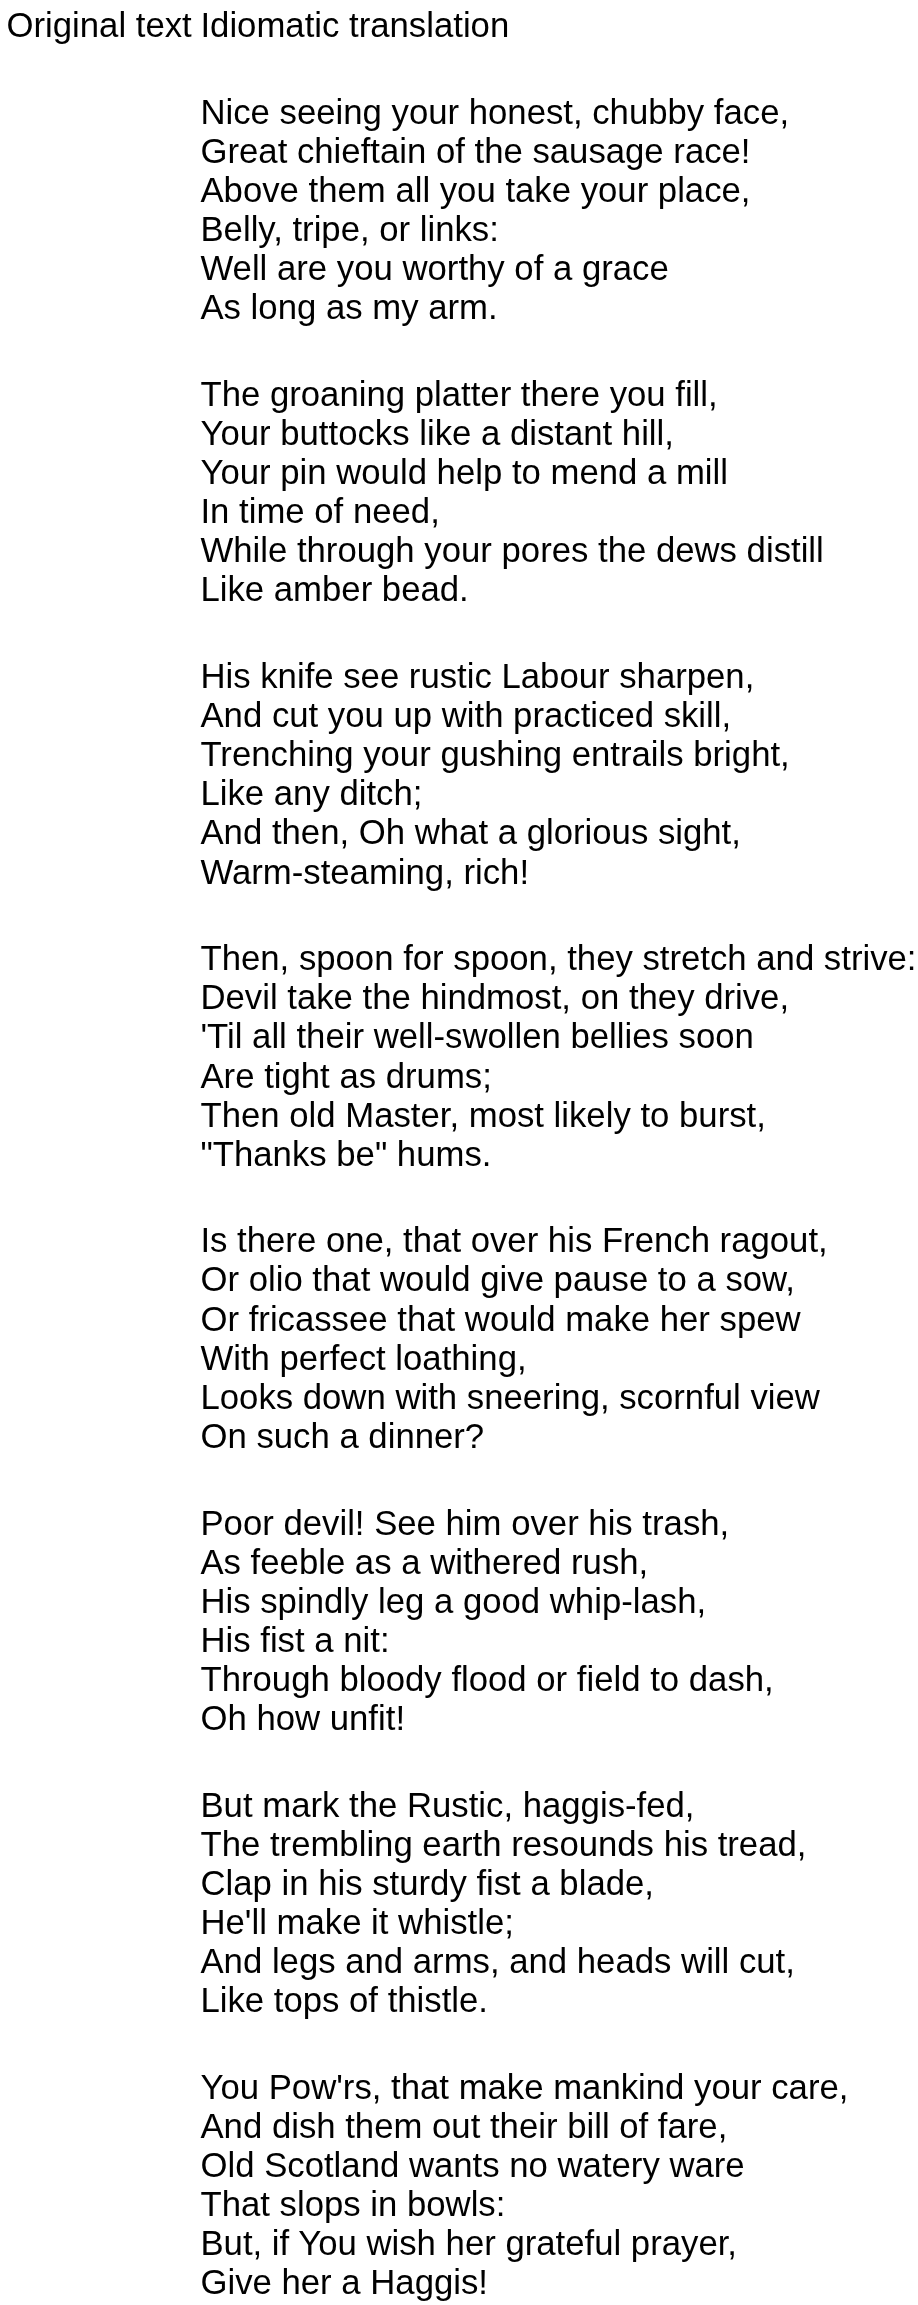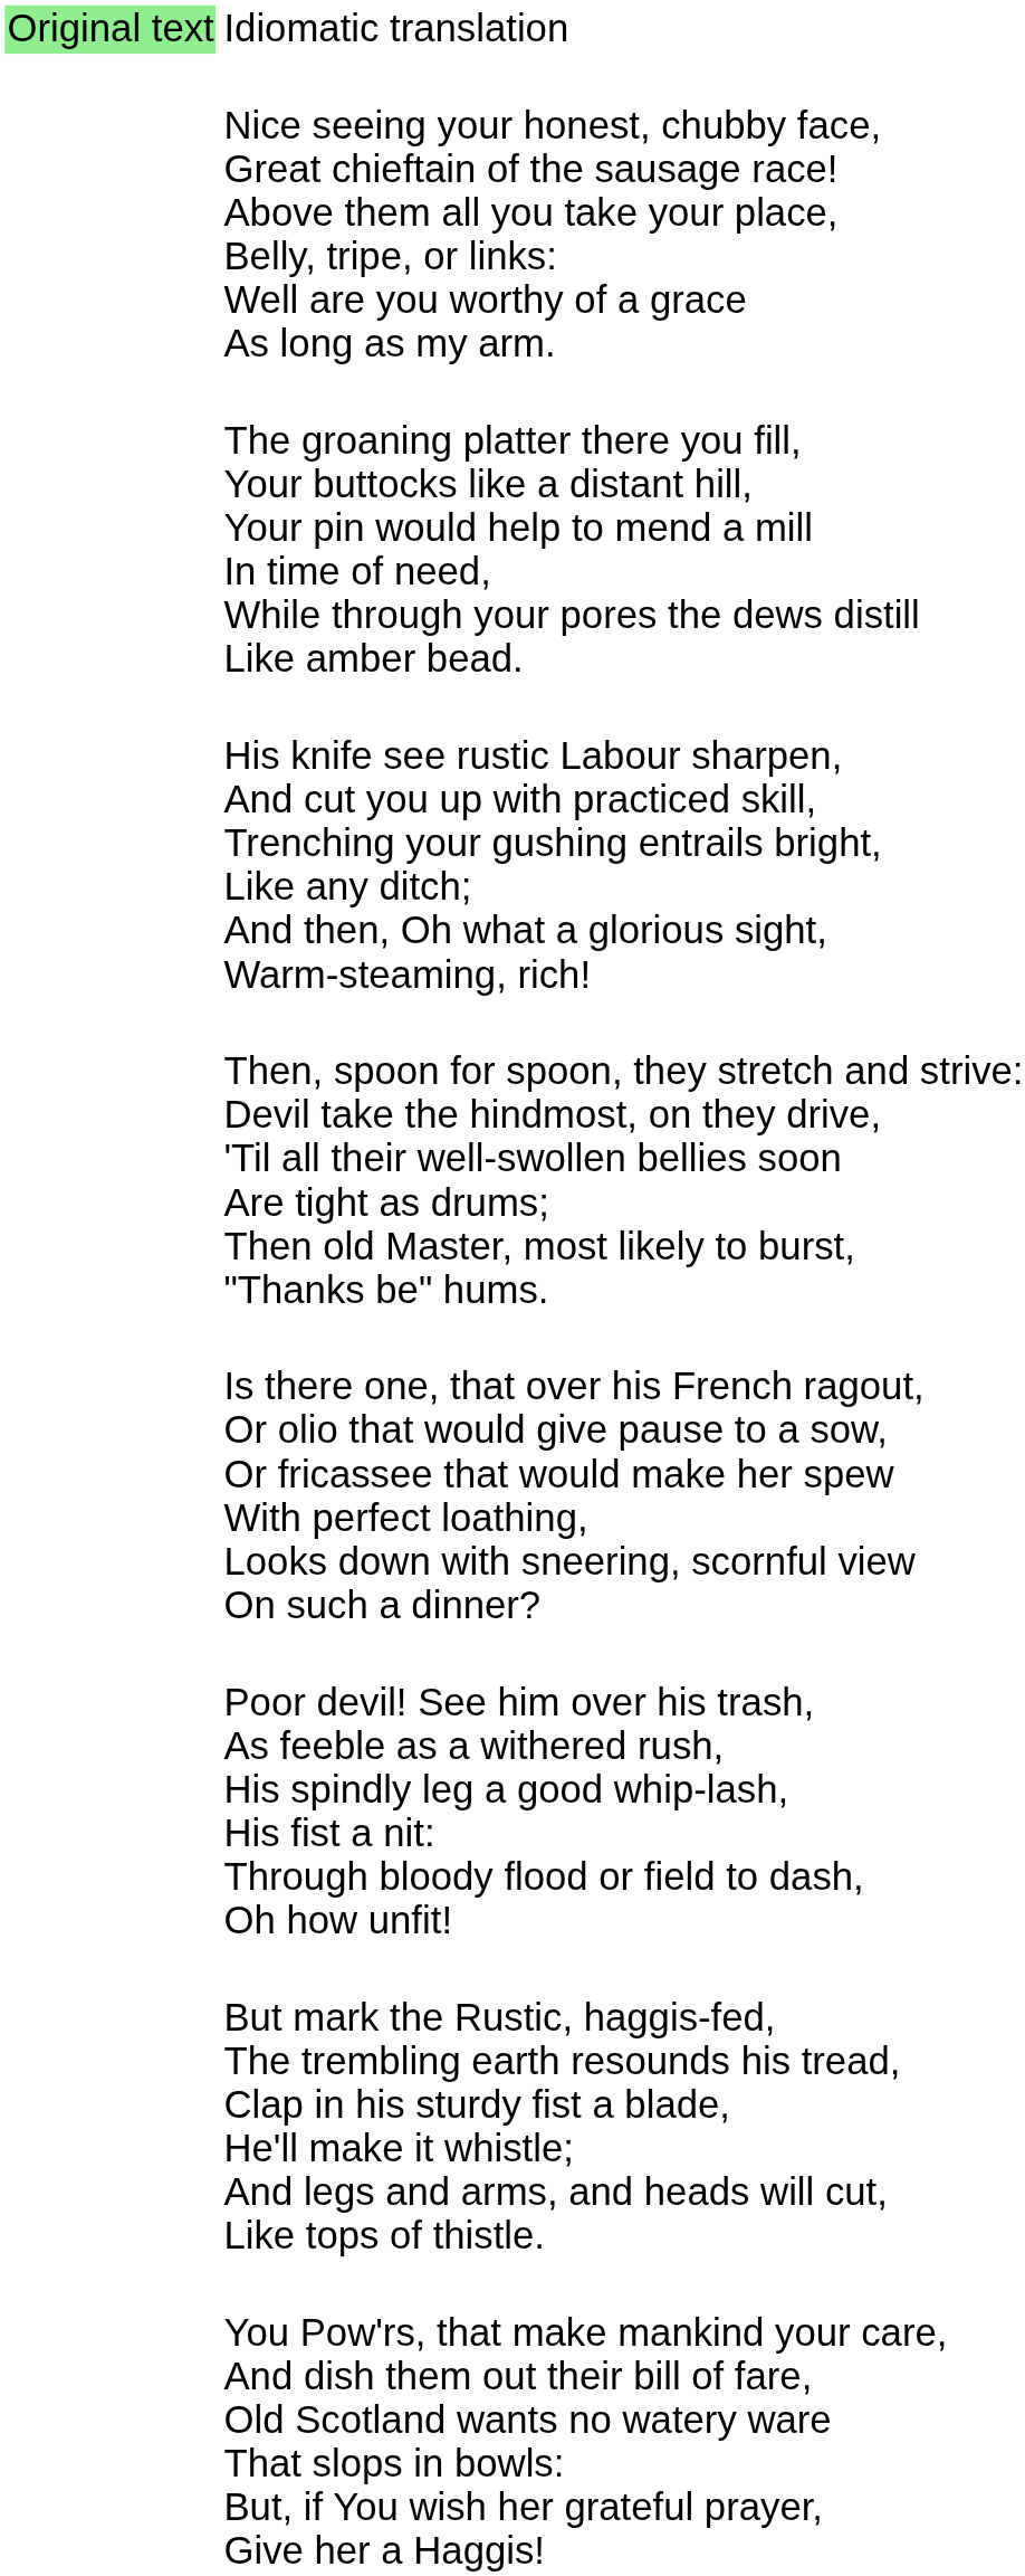 <table>
 <tr>
 </tr>
 <tr>
-<td>Original text</td>
+<td style="background: lightgreen;">Original text</td>
 <td>Idiomatic translation</td>
 </tr>
 <tr>
 <td><br></td>
 <td valign="top"><br>Nice seeing your honest, chubby face,<br>Great chieftain of the sausage race!<br>Above them all you take your place,<br>Belly, tripe, or links:<br>Well are you worthy of a grace<br>As long as my arm.</td>
 </tr>
 <tr>
 <td><br></td>
 <td valign="top"><br>The groaning platter there you fill,<br>Your buttocks like a distant hill,<br>Your pin would help to mend a mill<br>In time of need,<br>While through your pores the dews distill<br>Like amber bead.</td>
 </tr>
 <tr>
 <td><br></td>
 <td valign="top"><br>His knife see rustic Labour sharpen,<br>And cut you up with practiced skill,<br>Trenching your gushing entrails bright,<br>Like any ditch;<br>And then, Oh what a glorious sight,<br>Warm-steaming, rich!</td>
 </tr>
 <tr>
 <td><br></td>
 <td valign="top"><br>Then, spoon for spoon, they stretch and strive:<br>Devil take the hindmost, on they drive,<br>'Til all their well-swollen bellies soon<br>Are tight as drums;<br>Then old Master, most likely to burst,<br>"Thanks be" hums.</td>
 </tr>
 <tr>
 <td><br></td>
 <td valign="top"><br>Is there one, that over his French ragout,<br>Or olio that would give pause to a sow,<br>Or fricassee that would make her spew<br>With perfect loathing,<br>Looks down with sneering, scornful view<br>On such a dinner?</td>
 </tr>
 <tr>
 <td><br></td>
 <td valign="top"><br>Poor devil! See him over his trash,<br>As feeble as a withered rush,<br>His spindly leg a good whip-lash,<br>His fist a nit:<br>Through bloody flood or field to dash,<br>Oh how unfit!</td>
 </tr>
 <tr>
 <td><br></td>
 <td valign="top"><br>But mark the Rustic, haggis-fed,<br>The trembling earth resounds his tread,<br>Clap in his sturdy fist a blade,<br>He'll make it whistle;<br>And legs and arms, and heads will cut,<br>Like tops of thistle.</td>
 </tr>
 <tr>
 <td><br></td>
 <td valign="top"><br>You Pow'rs, that make mankind your care,<br>And dish them out their bill of fare,<br>Old Scotland wants no watery ware<br>That slops in bowls:<br>But, if You wish her grateful prayer,<br>Give her a Haggis!</td>
 </tr>
 </table>
